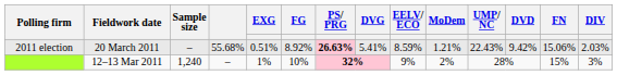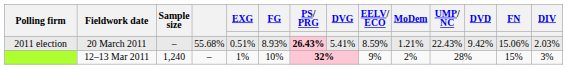 <table class="wikitable sortable" style="text-align:center;font-size:90%;line-height:14px;">
 <tr style="height:40px;">
 <th style="width:100px;" rowspan="2">Polling firm</th>
 <th style="width:110px;" rowspan="2">Fieldwork date</th>
 <th style="width:35px;" rowspan="2">Sample<br>size</th>
 <th style="width:30px;" rowspan="2"></th>
 <th class="unsortable" style="width:40px;"><a href='#'>EXG</a></th>
 <th class="unsortable" style="width:40px;"><a href='#'>FG</a></th>
 <th class="unsortable" style="width:40px;"><a href='#'>PS</a>/<br><a href='#'>PRG</a></th>
 <th class="unsortable" style="width:40px;"><a href='#'>DVG</a></th>
 <th class="unsortable" style="width:40px;"><a href='#'>EELV</a>/<br><a href='#'>ECO</a></th>
 <th class="unsortable" style="width:40px;"><a href='#'>MoDem</a></th>
 <th class="unsortable" style="width:40px;"><a href='#'>UMP</a>/<br><a href='#'>NC</a></th>
 <th class="unsortable" style="width:40px;"><a href='#'>DVD</a></th>
 <th class="unsortable" style="width:40px;"><a href='#'>FN</a></th>
 <th class="unsortable" style="width:40px;"><a href='#'>DIV</a></th>
 </tr>
 <tr>
 <th style="color:inherit;background:"></th>
 <th style="color:inherit;background:"></th>
 <th style="color:inherit;background:"></th>
 <th style="color:inherit;background:"></th>
 <th style="color:inherit;background:"></th>
 <th style="color:inherit;background:"></th>
 <th style="color:inherit;background:"></th>
 <th style="color:inherit;background:"></th>
 <th style="color:inherit;background:"></th>
 <th style="color:inherit;background:"></th>
 </tr>
 <tr style="background:#E9E9E9;">
 <td>2011 election</td>
 <td data-sort-value="2011-03-20">20 March 2011</td>
 <td>–</td>
 <td>55.68%</td>
 <td>0.51%</td>
-<td>8.92%</td>
-<td style="background:#FFC6D5;"><strong>26.63%</strong></td>
+<td>8.93%</td>
+<td style="background:#FFC6D5;"><strong>26.43%</strong></td>
 <td>5.41%</td>
 <td>8.59%</td>
 <td>1.21%</td>
 <td>22.43%</td>
 <td>9.42%</td>
 <td>15.06%</td>
 <td>2.03%</td>
 </tr>
 <tr>
 <td style="background:GreenYellow;"></td>
 <td data-sort-value="2011-03-13">12–13 Mar 2011</td>
 <td>1,240</td>
 <td>–</td>
 <td>1%</td>
 <td>10%</td>
 <td style="background:#FFC6D5;" colspan="2"><strong>32%</strong></td>
 <td>9%</td>
 <td>2%</td>
 <td colspan="2">28%</td>
 <td>15%</td>
 <td>3%</td>
 </tr>
 </table>
